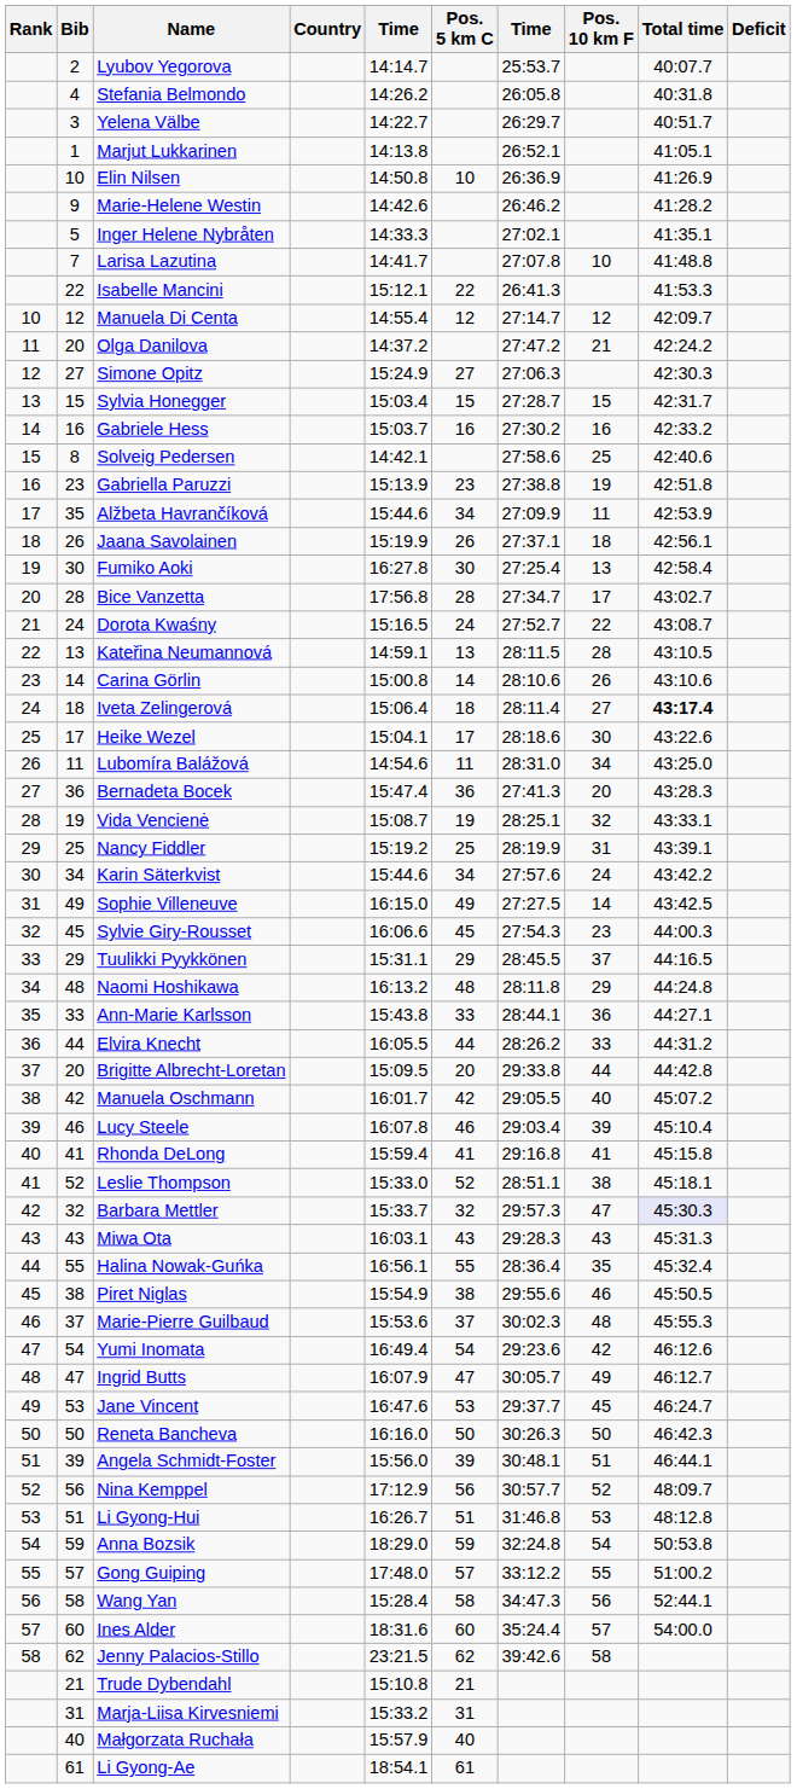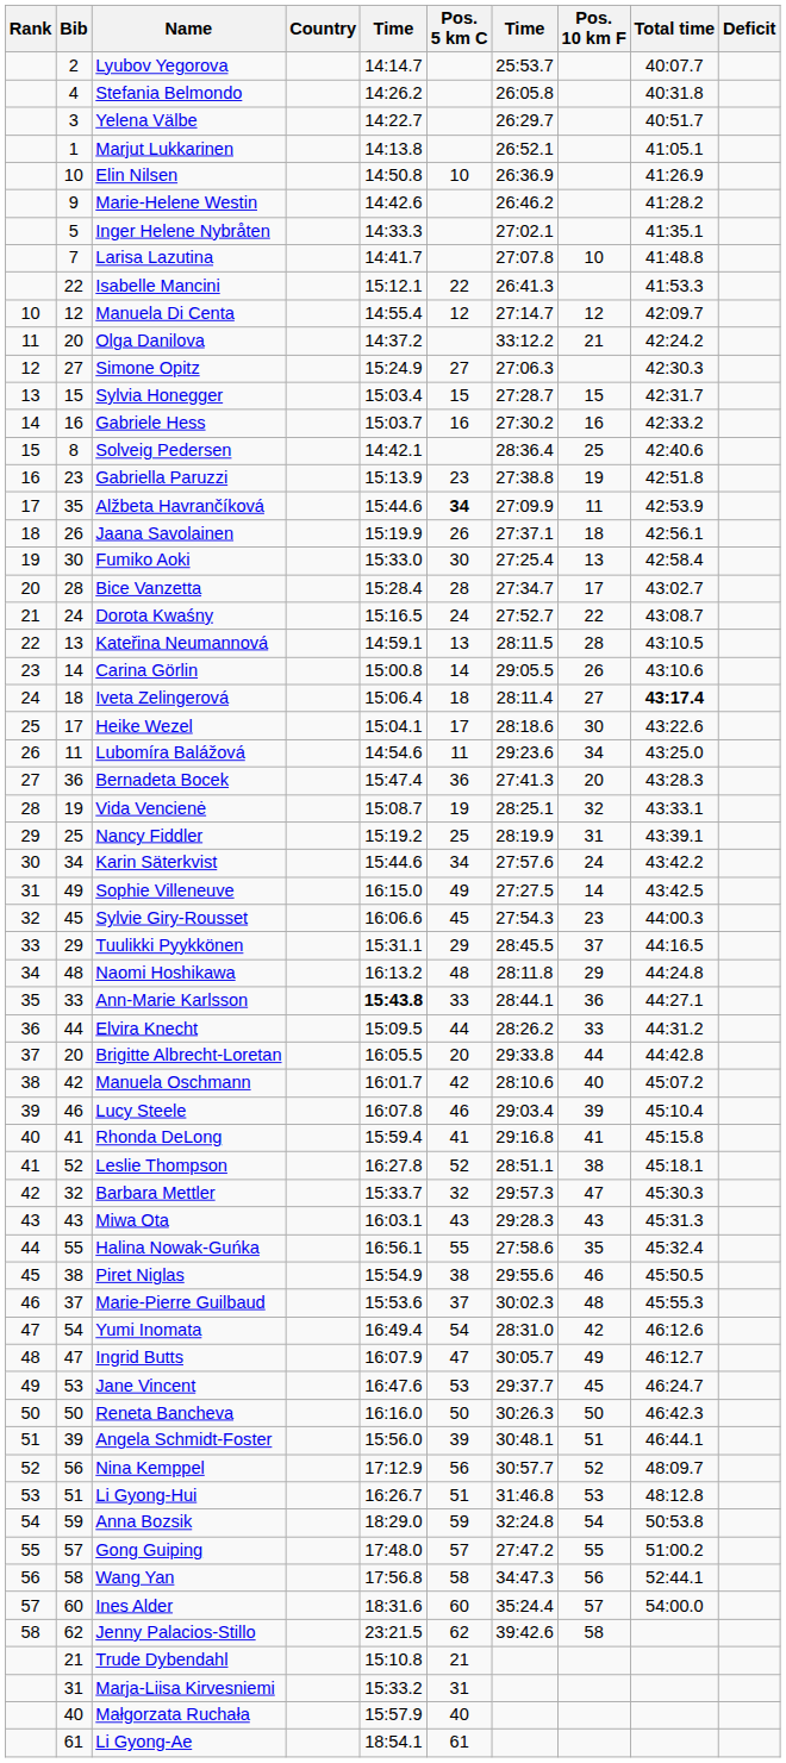 <table class="wikitable sortable" style="text-align:center">
 <tr>
 <th>Rank</th>
 <th>Bib</th>
 <th>Name</th>
 <th>Country</th>
 <th>Time<br></th>
 <th>Pos.<br>5 km C</th>
 <th>Time<br></th>
 <th>Pos.<br>10 km F</th>
 <th>Total time</th>
 <th>Deficit</th>
 </tr>
 <tr>
 <td></td>
 <td>2</td>
 <td align="left"><a href='#'>Lyubov Yegorova</a></td>
 <td align="left"></td>
 <td>14:14.7</td>
 <td></td>
 <td>25:53.7</td>
 <td></td>
 <td>40:07.7</td>
 <td></td>
 </tr>
 <tr>
 <td></td>
 <td>4</td>
 <td align="left"><a href='#'>Stefania Belmondo</a></td>
 <td align="left"></td>
 <td>14:26.2</td>
 <td></td>
 <td>26:05.8</td>
 <td></td>
 <td>40:31.8</td>
 <td align=right></td>
 </tr>
 <tr>
 <td></td>
 <td>3</td>
 <td align="left"><a href='#'>Yelena Välbe</a></td>
 <td align="left"></td>
 <td>14:22.7</td>
 <td></td>
 <td>26:29.7</td>
 <td></td>
 <td>40:51.7</td>
 <td align=right></td>
 </tr>
 <tr>
 <td></td>
 <td>1</td>
 <td align="left"><a href='#'>Marjut Lukkarinen</a></td>
 <td align="left"></td>
 <td>14:13.8</td>
 <td></td>
 <td>26:52.1</td>
 <td></td>
 <td>41:05.1</td>
 <td align=right></td>
 </tr>
 <tr>
 <td></td>
 <td>10</td>
 <td align="left"><a href='#'>Elin Nilsen</a></td>
 <td align="left"></td>
 <td>14:50.8</td>
 <td>10</td>
 <td>26:36.9</td>
 <td></td>
 <td>41:26.9</td>
 <td align=right></td>
 </tr>
 <tr>
 <td></td>
 <td>9</td>
 <td align="left"><a href='#'>Marie-Helene Westin</a></td>
 <td align="left"></td>
 <td>14:42.6</td>
 <td></td>
 <td>26:46.2</td>
 <td></td>
 <td>41:28.2</td>
 <td align=right></td>
 </tr>
 <tr>
 <td></td>
 <td>5</td>
 <td align="left"><a href='#'>Inger Helene Nybråten</a></td>
 <td align="left"></td>
 <td>14:33.3</td>
 <td></td>
 <td>27:02.1</td>
 <td></td>
 <td>41:35.1</td>
 <td align=right></td>
 </tr>
 <tr>
 <td></td>
 <td>7</td>
 <td align="left"><a href='#'>Larisa Lazutina</a></td>
 <td align="left"></td>
 <td>14:41.7</td>
 <td></td>
 <td>27:07.8</td>
 <td>10</td>
 <td>41:48.8</td>
 <td align=right></td>
 </tr>
 <tr>
 <td></td>
 <td>22</td>
 <td align="left"><a href='#'>Isabelle Mancini</a></td>
 <td align="left"></td>
 <td>15:12.1</td>
 <td>22</td>
 <td>26:41.3</td>
 <td></td>
 <td>41:53.3</td>
 <td align=right></td>
 </tr>
 <tr>
 <td>10</td>
 <td>12</td>
 <td align="left"><a href='#'>Manuela Di Centa</a></td>
 <td align="left"></td>
 <td>14:55.4</td>
 <td>12</td>
 <td>27:14.7</td>
 <td>12</td>
 <td>42:09.7</td>
 <td align=right></td>
 </tr>
 <tr>
 <td>11</td>
 <td>20</td>
 <td align="left"><a href='#'>Olga Danilova</a></td>
 <td align="left"></td>
 <td>14:37.2</td>
 <td></td>
-<td>27:47.2</td>
+<td>33:12.2</td>
 <td>21</td>
 <td>42:24.2</td>
 <td align=right></td>
 </tr>
 <tr>
 <td>12</td>
 <td>27</td>
 <td align="left"><a href='#'>Simone Opitz</a></td>
 <td align="left"></td>
 <td>15:24.9</td>
 <td>27</td>
 <td>27:06.3</td>
 <td></td>
 <td>42:30.3</td>
 <td align=right></td>
 </tr>
 <tr>
 <td>13</td>
 <td>15</td>
 <td align="left"><a href='#'>Sylvia Honegger</a></td>
 <td align="left"></td>
 <td>15:03.4</td>
 <td>15</td>
 <td>27:28.7</td>
 <td>15</td>
 <td>42:31.7</td>
 <td align=right></td>
 </tr>
 <tr>
 <td>14</td>
 <td>16</td>
 <td align="left"><a href='#'>Gabriele Hess</a></td>
 <td align="left"></td>
 <td>15:03.7</td>
 <td>16</td>
 <td>27:30.2</td>
 <td>16</td>
 <td>42:33.2</td>
 <td align=right></td>
 </tr>
 <tr>
 <td>15</td>
 <td>8</td>
 <td align="left"><a href='#'>Solveig Pedersen</a></td>
 <td align="left"></td>
 <td>14:42.1</td>
 <td></td>
-<td>27:58.6</td>
+<td>28:36.4</td>
 <td>25</td>
 <td>42:40.6</td>
 <td align=right></td>
 </tr>
 <tr>
 <td>16</td>
 <td>23</td>
 <td align="left"><a href='#'>Gabriella Paruzzi</a></td>
 <td align="left"></td>
 <td>15:13.9</td>
 <td>23</td>
 <td>27:38.8</td>
 <td>19</td>
 <td>42:51.8</td>
 <td align=right></td>
 </tr>
 <tr>
 <td>17</td>
 <td>35</td>
 <td align="left"><a href='#'>Alžbeta Havrančíková</a></td>
 <td align="left"></td>
 <td>15:44.6</td>
-<td>34</td>
+<td><strong>34</strong></td>
 <td>27:09.9</td>
 <td>11</td>
 <td>42:53.9</td>
 <td align=right></td>
 </tr>
 <tr>
 <td>18</td>
 <td>26</td>
 <td align="left"><a href='#'>Jaana Savolainen</a></td>
 <td align="left"></td>
 <td>15:19.9</td>
 <td>26</td>
 <td>27:37.1</td>
 <td>18</td>
 <td>42:56.1</td>
 <td align=right></td>
 </tr>
 <tr>
 <td>19</td>
 <td>30</td>
 <td align="left"><a href='#'>Fumiko Aoki</a></td>
 <td align="left"></td>
-<td>16:27.8</td>
+<td>15:33.0</td>
 <td>30</td>
 <td>27:25.4</td>
 <td>13</td>
 <td>42:58.4</td>
 <td align=right></td>
 </tr>
 <tr>
 <td>20</td>
 <td>28</td>
 <td align="left"><a href='#'>Bice Vanzetta</a></td>
 <td align="left"></td>
-<td>17:56.8</td>
+<td>15:28.4</td>
 <td>28</td>
 <td>27:34.7</td>
 <td>17</td>
 <td>43:02.7</td>
 <td align=right></td>
 </tr>
 <tr>
 <td>21</td>
 <td>24</td>
 <td align="left"><a href='#'>Dorota Kwaśny</a></td>
 <td align="left"></td>
 <td>15:16.5</td>
 <td>24</td>
 <td>27:52.7</td>
 <td>22</td>
 <td>43:08.7</td>
 <td align=right></td>
 </tr>
 <tr>
 <td>22</td>
 <td>13</td>
 <td align="left"><a href='#'>Kateřina Neumannová</a></td>
 <td align="left"></td>
 <td>14:59.1</td>
 <td>13</td>
 <td>28:11.5</td>
 <td>28</td>
 <td>43:10.5</td>
 <td align=right></td>
 </tr>
 <tr>
 <td>23</td>
 <td>14</td>
 <td align="left"><a href='#'>Carina Görlin</a></td>
 <td align="left"></td>
 <td>15:00.8</td>
 <td>14</td>
-<td>28:10.6</td>
+<td>29:05.5</td>
 <td>26</td>
 <td>43:10.6</td>
 <td align=right></td>
 </tr>
 <tr>
 <td>24</td>
 <td>18</td>
 <td align="left"><a href='#'>Iveta Zelingerová</a></td>
 <td align="left"></td>
 <td>15:06.4</td>
 <td>18</td>
 <td>28:11.4</td>
 <td>27</td>
 <td><strong>43:17.4</strong></td>
 <td align=right></td>
 </tr>
 <tr>
 <td>25</td>
 <td>17</td>
 <td align="left"><a href='#'>Heike Wezel</a></td>
 <td align="left"></td>
 <td>15:04.1</td>
 <td>17</td>
 <td>28:18.6</td>
 <td>30</td>
 <td>43:22.6</td>
 <td align=right></td>
 </tr>
 <tr>
 <td>26</td>
 <td>11</td>
 <td align="left"><a href='#'>Lubomíra Balážová</a></td>
 <td align="left"></td>
 <td>14:54.6</td>
 <td>11</td>
-<td>28:31.0</td>
+<td>29:23.6</td>
 <td>34</td>
 <td>43:25.0</td>
 <td align=right></td>
 </tr>
 <tr>
 <td>27</td>
 <td>36</td>
 <td align="left"><a href='#'>Bernadeta Bocek</a></td>
 <td align="left"></td>
 <td>15:47.4</td>
 <td>36</td>
 <td>27:41.3</td>
 <td>20</td>
 <td>43:28.3</td>
 <td align=right></td>
 </tr>
 <tr>
 <td>28</td>
 <td>19</td>
 <td align="left"><a href='#'>Vida Vencienė</a></td>
 <td align="left"></td>
 <td>15:08.7</td>
 <td>19</td>
 <td>28:25.1</td>
 <td>32</td>
 <td>43:33.1</td>
 <td align=right></td>
 </tr>
 <tr>
 <td>29</td>
 <td>25</td>
 <td align="left"><a href='#'>Nancy Fiddler</a></td>
 <td align="left"></td>
 <td>15:19.2</td>
 <td>25</td>
 <td>28:19.9</td>
 <td>31</td>
 <td>43:39.1</td>
 <td align=right></td>
 </tr>
 <tr>
 <td>30</td>
 <td>34</td>
 <td align="left"><a href='#'>Karin Säterkvist</a></td>
 <td align="left"></td>
 <td>15:44.6</td>
 <td>34</td>
 <td>27:57.6</td>
 <td>24</td>
 <td>43:42.2</td>
 <td align=right></td>
 </tr>
 <tr>
 <td>31</td>
 <td>49</td>
 <td align="left"><a href='#'>Sophie Villeneuve</a></td>
 <td align="left"></td>
 <td>16:15.0</td>
 <td>49</td>
 <td>27:27.5</td>
 <td>14</td>
 <td>43:42.5</td>
 <td align=right></td>
 </tr>
 <tr>
 <td>32</td>
 <td>45</td>
 <td align="left"><a href='#'>Sylvie Giry-Rousset</a></td>
 <td align="left"></td>
 <td>16:06.6</td>
 <td>45</td>
 <td>27:54.3</td>
 <td>23</td>
 <td>44:00.3</td>
 <td align=right></td>
 </tr>
 <tr>
 <td>33</td>
 <td>29</td>
 <td align="left"><a href='#'>Tuulikki Pyykkönen</a></td>
 <td align="left"></td>
 <td>15:31.1</td>
 <td>29</td>
 <td>28:45.5</td>
 <td>37</td>
 <td>44:16.5</td>
 <td align=right></td>
 </tr>
 <tr>
 <td>34</td>
 <td>48</td>
 <td align="left"><a href='#'>Naomi Hoshikawa</a></td>
 <td align="left"></td>
 <td>16:13.2</td>
 <td>48</td>
 <td>28:11.8</td>
 <td>29</td>
 <td>44:24.8</td>
 <td align=right></td>
 </tr>
 <tr>
 <td>35</td>
 <td>33</td>
 <td align="left"><a href='#'>Ann-Marie Karlsson</a></td>
 <td align="left"></td>
-<td>15:43.8</td>
+<td><strong>15:43.8</strong></td>
 <td>33</td>
 <td>28:44.1</td>
 <td>36</td>
 <td>44:27.1</td>
 <td align=right></td>
 </tr>
 <tr>
 <td>36</td>
 <td>44</td>
 <td align="left"><a href='#'>Elvira Knecht</a></td>
 <td align="left"></td>
-<td>16:05.5</td>
+<td>15:09.5</td>
 <td>44</td>
 <td>28:26.2</td>
 <td>33</td>
 <td>44:31.2</td>
 <td align=right></td>
 </tr>
 <tr>
 <td>37</td>
 <td>20</td>
 <td align="left"><a href='#'>Brigitte Albrecht-Loretan</a></td>
 <td align="left"></td>
-<td>15:09.5</td>
+<td>16:05.5</td>
 <td>20</td>
 <td>29:33.8</td>
 <td>44</td>
 <td>44:42.8</td>
 <td align=right></td>
 </tr>
 <tr>
 <td>38</td>
 <td>42</td>
 <td align="left"><a href='#'>Manuela Oschmann</a></td>
 <td align="left"></td>
 <td>16:01.7</td>
 <td>42</td>
-<td>29:05.5</td>
+<td>28:10.6</td>
 <td>40</td>
 <td>45:07.2</td>
 <td align=right></td>
 </tr>
 <tr>
 <td>39</td>
 <td>46</td>
 <td align="left"><a href='#'>Lucy Steele</a></td>
 <td align="left"></td>
 <td>16:07.8</td>
 <td>46</td>
 <td>29:03.4</td>
 <td>39</td>
 <td>45:10.4</td>
 <td align=right></td>
 </tr>
 <tr>
 <td>40</td>
 <td>41</td>
 <td align="left"><a href='#'>Rhonda DeLong</a></td>
 <td align="left"></td>
 <td>15:59.4</td>
 <td>41</td>
 <td>29:16.8</td>
 <td>41</td>
 <td>45:15.8</td>
 <td align=right></td>
 </tr>
 <tr>
 <td>41</td>
 <td>52</td>
 <td align="left"><a href='#'>Leslie Thompson</a></td>
 <td align="left"></td>
-<td>15:33.0</td>
+<td>16:27.8</td>
 <td>52</td>
 <td>28:51.1</td>
 <td>38</td>
 <td>45:18.1</td>
 <td align=right></td>
 </tr>
 <tr>
 <td>42</td>
 <td>32</td>
 <td align="left"><a href='#'>Barbara Mettler</a></td>
 <td align="left"></td>
 <td>15:33.7</td>
 <td>32</td>
 <td>29:57.3</td>
 <td>47</td>
-<td style="background: lavender;">45:30.3</td>
+<td>45:30.3</td>
 <td align=right></td>
 </tr>
 <tr>
 <td>43</td>
 <td>43</td>
 <td align="left"><a href='#'>Miwa Ota</a></td>
 <td align="left"></td>
 <td>16:03.1</td>
 <td>43</td>
 <td>29:28.3</td>
 <td>43</td>
 <td>45:31.3</td>
 <td align=right></td>
 </tr>
 <tr>
 <td>44</td>
 <td>55</td>
 <td align="left"><a href='#'>Halina Nowak-Guńka</a></td>
 <td align="left"></td>
 <td>16:56.1</td>
 <td>55</td>
-<td>28:36.4</td>
+<td>27:58.6</td>
 <td>35</td>
 <td>45:32.4</td>
 <td align=right></td>
 </tr>
 <tr>
 <td>45</td>
 <td>38</td>
 <td align="left"><a href='#'>Piret Niglas</a></td>
 <td align="left"></td>
 <td>15:54.9</td>
 <td>38</td>
 <td>29:55.6</td>
 <td>46</td>
 <td>45:50.5</td>
 <td align=right></td>
 </tr>
 <tr>
 <td>46</td>
 <td>37</td>
 <td align="left"><a href='#'>Marie-Pierre Guilbaud</a></td>
 <td align="left"></td>
 <td>15:53.6</td>
 <td>37</td>
 <td>30:02.3</td>
 <td>48</td>
 <td>45:55.3</td>
 <td align=right></td>
 </tr>
 <tr>
 <td>47</td>
 <td>54</td>
 <td align="left"><a href='#'>Yumi Inomata</a></td>
 <td align="left"></td>
 <td>16:49.4</td>
 <td>54</td>
-<td>29:23.6</td>
+<td>28:31.0</td>
 <td>42</td>
 <td>46:12.6</td>
 <td align=right></td>
 </tr>
 <tr>
 <td>48</td>
 <td>47</td>
 <td align="left"><a href='#'>Ingrid Butts</a></td>
 <td align="left"></td>
 <td>16:07.9</td>
 <td>47</td>
 <td>30:05.7</td>
 <td>49</td>
 <td>46:12.7</td>
 <td align=right></td>
 </tr>
 <tr>
 <td>49</td>
 <td>53</td>
 <td align="left"><a href='#'>Jane Vincent</a></td>
 <td align="left"></td>
 <td>16:47.6</td>
 <td>53</td>
 <td>29:37.7</td>
 <td>45</td>
 <td>46:24.7</td>
 <td align=right></td>
 </tr>
 <tr>
 <td>50</td>
 <td>50</td>
 <td align="left"><a href='#'>Reneta Bancheva</a></td>
 <td align="left"></td>
 <td>16:16.0</td>
 <td>50</td>
 <td>30:26.3</td>
 <td>50</td>
 <td>46:42.3</td>
 <td align=right></td>
 </tr>
 <tr>
 <td>51</td>
 <td>39</td>
 <td align="left"><a href='#'>Angela Schmidt-Foster</a></td>
 <td align="left"></td>
 <td>15:56.0</td>
 <td>39</td>
 <td>30:48.1</td>
 <td>51</td>
 <td>46:44.1</td>
 <td align=right></td>
 </tr>
 <tr>
 <td>52</td>
 <td>56</td>
 <td align="left"><a href='#'>Nina Kemppel</a></td>
 <td align="left"></td>
 <td>17:12.9</td>
 <td>56</td>
 <td>30:57.7</td>
 <td>52</td>
 <td>48:09.7</td>
 <td align=right></td>
 </tr>
 <tr>
 <td>53</td>
 <td>51</td>
 <td align="left"><a href='#'>Li Gyong-Hui</a></td>
 <td align="left"></td>
 <td>16:26.7</td>
 <td>51</td>
 <td>31:46.8</td>
 <td>53</td>
 <td>48:12.8</td>
 <td align=right></td>
 </tr>
 <tr>
 <td>54</td>
 <td>59</td>
 <td align="left"><a href='#'>Anna Bozsik</a></td>
 <td align="left"></td>
 <td>18:29.0</td>
 <td>59</td>
 <td>32:24.8</td>
 <td>54</td>
 <td>50:53.8</td>
 <td align=right></td>
 </tr>
 <tr>
 <td>55</td>
 <td>57</td>
 <td align="left"><a href='#'>Gong Guiping</a></td>
 <td align="left"></td>
 <td>17:48.0</td>
 <td>57</td>
-<td>33:12.2</td>
+<td>27:47.2</td>
 <td>55</td>
 <td>51:00.2</td>
 <td align=right></td>
 </tr>
 <tr>
 <td>56</td>
 <td>58</td>
 <td align="left"><a href='#'>Wang Yan</a></td>
 <td align="left"></td>
-<td>15:28.4</td>
+<td>17:56.8</td>
 <td>58</td>
 <td>34:47.3</td>
 <td>56</td>
 <td>52:44.1</td>
 <td align=right></td>
 </tr>
 <tr>
 <td>57</td>
 <td>60</td>
 <td align="left"><a href='#'>Ines Alder</a></td>
 <td align="left"></td>
 <td>18:31.6</td>
 <td>60</td>
 <td>35:24.4</td>
 <td>57</td>
 <td>54:00.0</td>
 <td align=right></td>
 </tr>
 <tr>
 <td>58</td>
 <td>62</td>
 <td align="left"><a href='#'>Jenny Palacios-Stillo</a></td>
 <td align="left"></td>
 <td>23:21.5</td>
 <td>62</td>
 <td>39:42.6</td>
 <td>58</td>
 <td></td>
 <td align=right></td>
 </tr>
 <tr>
 <td></td>
 <td>21</td>
 <td align="left"><a href='#'>Trude Dybendahl</a></td>
 <td align="left"></td>
 <td>15:10.8</td>
 <td>21</td>
 <td></td>
 <td></td>
 <td></td>
 <td></td>
 </tr>
 <tr>
 <td></td>
 <td>31</td>
 <td align="left"><a href='#'>Marja-Liisa Kirvesniemi</a></td>
 <td align="left"></td>
 <td>15:33.2</td>
 <td>31</td>
 <td></td>
 <td></td>
 <td></td>
 <td></td>
 </tr>
 <tr>
 <td></td>
 <td>40</td>
 <td align="left"><a href='#'>Małgorzata Ruchała</a></td>
 <td align="left"></td>
 <td>15:57.9</td>
 <td>40</td>
 <td></td>
 <td></td>
 <td></td>
 <td></td>
 </tr>
 <tr>
 <td></td>
 <td>61</td>
 <td align="left"><a href='#'>Li Gyong-Ae</a></td>
 <td align="left"></td>
 <td>18:54.1</td>
 <td>61</td>
 <td></td>
 <td></td>
 <td></td>
 <td></td>
 </tr>
 </table>
